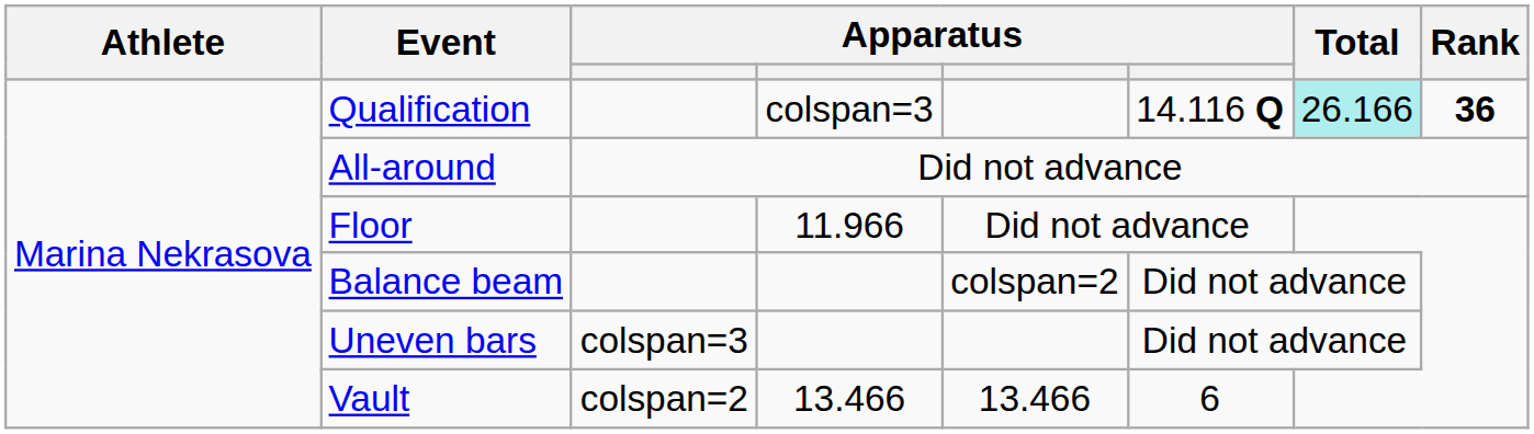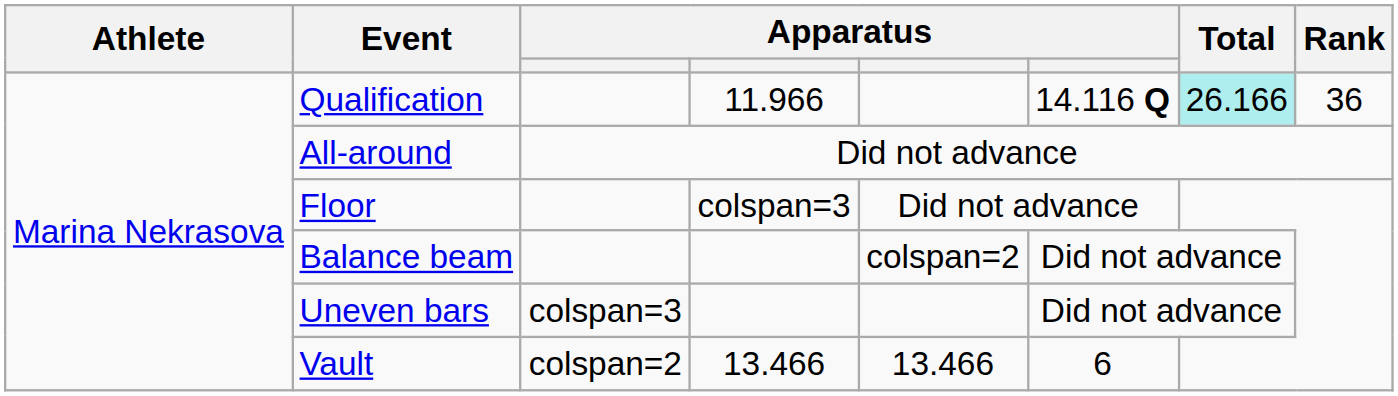 <table class="wikitable" style="text-align:center; font-size:90%">
 <tr>
 <th rowspan=2>Athlete</th>
 <th rowspan=2>Event</th>
 <th colspan=4>Apparatus</th>
 <th rowspan=2>Total</th>
 <th rowspan=2>Rank</th>
 </tr>
 <tr style="font-size:95%">
 <th></th>
 <th></th>
 <th></th>
 <th></th>
 </tr>
 <tr>
 <td rowspan=8 align=left><a href='#'>Marina Nekrasova</a></td>
 <td align=left><a href='#'>Qualification</a></td>
 <td></td>
-<td>colspan=3 </td>
+<td>11.966</td>
 <td></td>
 <td>14.116 <strong>Q</strong></td>
 <td style="background: paleturquoise;">26.166</td>
-<td><strong>36</strong></td>
+<td>36</td>
 </tr>
 <tr>
 <td align=left><a href='#'>All-around</a></td>
 <td colspan=6>Did not advance</td>
 </tr>
 <tr>
 <td align=left><a href='#'>Floor</a></td>
 <td></td>
-<td>11.966</td>
+<td>colspan=3 </td>
 <td colspan=2>Did not advance</td>
 </tr>
 <tr>
 <td align=left><a href='#'>Balance beam</a></td>
 <td></td>
 <td></td>
 <td>colspan=2 </td>
 <td colspan=2>Did not advance</td>
 </tr>
 <tr>
 <td align=left><a href='#'>Uneven bars</a></td>
 <td>colspan=3 </td>
 <td></td>
 <td></td>
 <td colspan=2>Did not advance</td>
 </tr>
 <tr>
 <td align=left><a href='#'>Vault</a></td>
 <td>colspan=2 </td>
 <td>13.466</td>
 <td>13.466</td>
 <td>6</td>
 </tr>
 </table>
